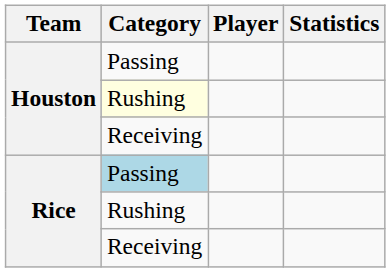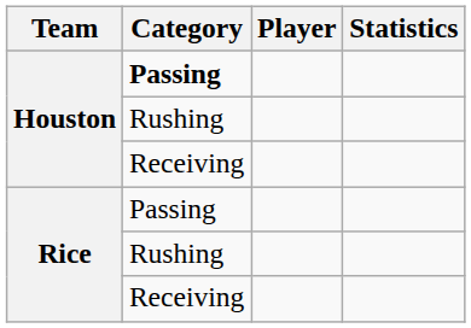 <table class="wikitable" style="float:right">
 <tr>
 <th>Team</th>
 <th>Category</th>
 <th>Player</th>
 <th>Statistics</th>
 </tr>
 <tr>
 <th rowspan=3>Houston</th>
-<td>Passing</td>
+<td><strong>Passing</strong></td>
 <td></td>
 <td></td>
 </tr>
 <tr>
-<td style="background: lightyellow;">Rushing</td>
+<td>Rushing</td>
 <td></td>
 <td></td>
 </tr>
 <tr>
 <td>Receiving</td>
 <td></td>
 <td></td>
 </tr>
 <tr>
 <th rowspan=3>Rice</th>
-<td style="background: lightblue;">Passing</td>
+<td>Passing</td>
 <td></td>
 <td></td>
 </tr>
 <tr>
 <td>Rushing</td>
 <td></td>
 <td></td>
 </tr>
 <tr>
 <td>Receiving</td>
 <td></td>
 <td></td>
 </tr>
 </table>
